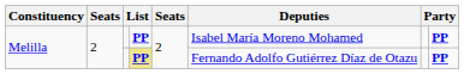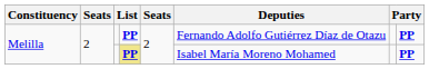 <table class="wikitable sortable">
 <tr>
 <th>Constituency</th>
 <th>Seats</th>
 <th colspan="2">List</th>
 <th>Seats</th>
 <th>Deputies</th>
 <th colspan="2">Party</th>
 </tr>
 <tr>
 <td rowspan="2"><a href='#'>Melilla</a></td>
 <td rowspan="2">2</td>
 <td></td>
 <td><strong><a href='#'>PP</a></strong></td>
 <td rowspan="2">2</td>
-<td><a href='#'>Isabel María Moreno Mohamed</a></td>
+<td><a href='#'>Fernando Adolfo Gutiérrez Díaz de Otazu</a></td>
 <td></td>
 <td><strong><a href='#'>PP</a></strong></td>
 </tr>
 <tr>
 <td></td>
 <td style="background: khaki;"><strong><a href='#'>PP</a></strong></td>
-<td><a href='#'>Fernando Adolfo Gutiérrez Díaz de Otazu</a></td>
+<td><a href='#'>Isabel María Moreno Mohamed</a></td>
 <td></td>
 <td><strong><a href='#'>PP</a></strong></td>
 </tr>
 </table>
